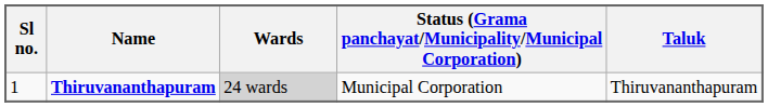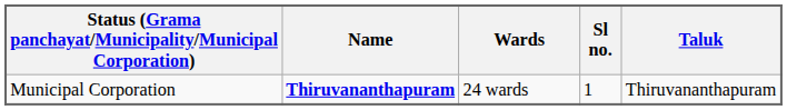 <table class="wikitable sortable" style="border-collapse: collapse; border: 2px #666666 solid; font-size: x-big; font-family: verdana">
 <tr>
-<th width="30px">Sl no.</th>
+<th width="130px">Status (<a href='#'>Grama panchayat</a>/<a href='#'>Municipality</a>/<a href='#'>Municipal Corporation</a>)</th>
 <th width="100px">Name</th>
 <th width="100px">Wards</th>
-<th width="130px">Status (<a href='#'>Grama panchayat</a>/<a href='#'>Municipality</a>/<a href='#'>Municipal Corporation</a>)</th>
+<th width="30px">Sl no.</th>
 <th width="100px"><a href='#'>Taluk</a></th>
 </tr>
 <tr>
+<td>Municipal Corporation</td>
+<td><strong><a href='#'>Thiruvananthapuram</a></strong></td>
+<td>24 wards</td>
 <td>1</td>
-<td><strong><a href='#'>Thiruvananthapuram</a></strong></td>
-<td style="background: lightgrey;">24 wards</td>
-<td>Municipal Corporation</td>
 <td>Thiruvananthapuram</td>
 </tr>
 </table>
